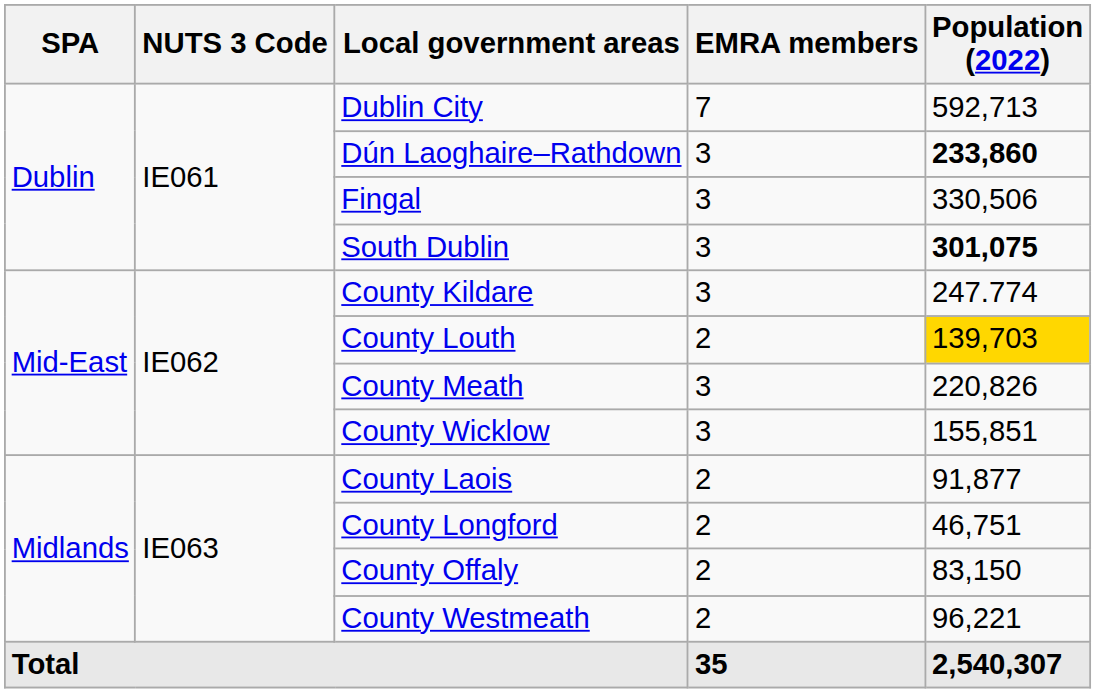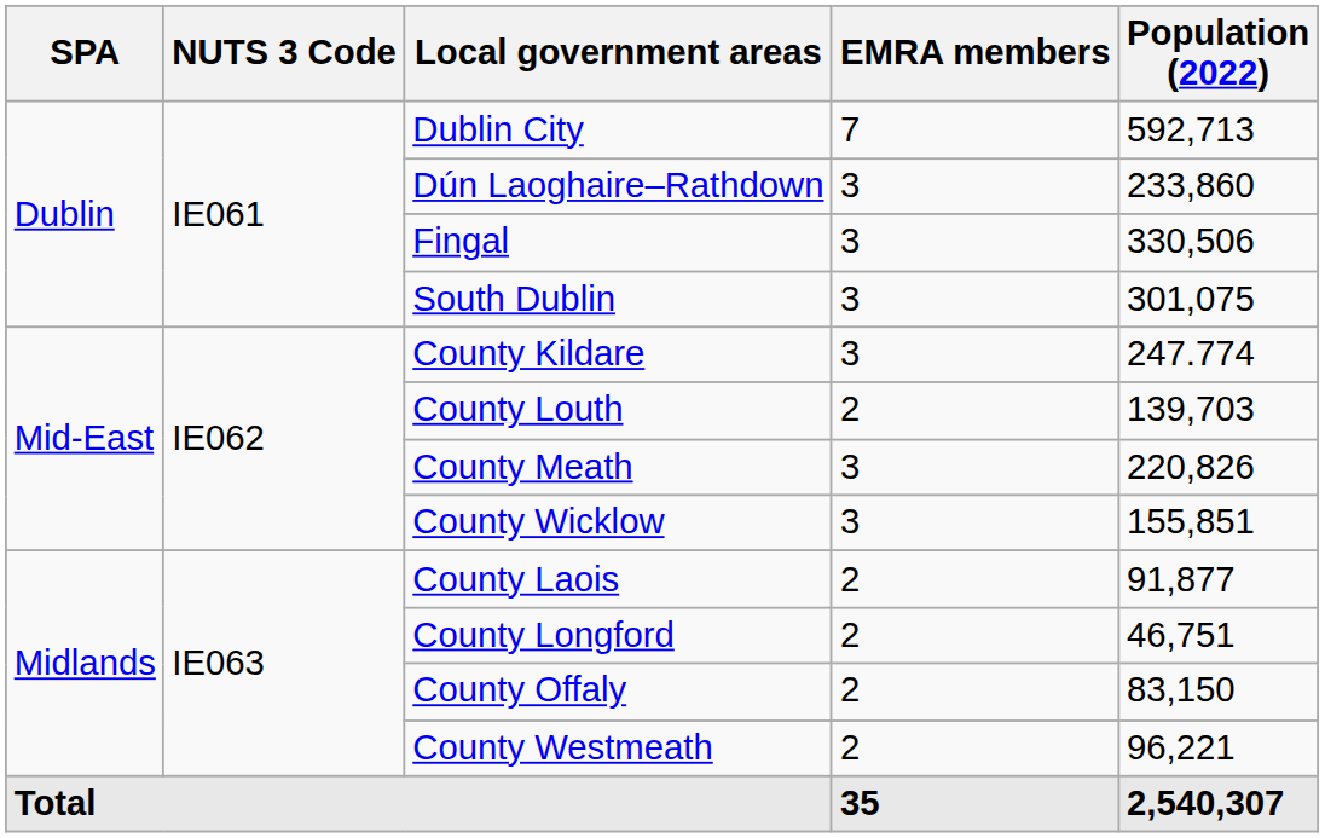 <table class="wikitable">
 <tr>
 <th>SPA</th>
 <th>NUTS 3 Code</th>
 <th>Local government areas</th>
 <th>EMRA members</th>
 <th>Population<br>(<a href='#'>2022</a>)</th>
 </tr>
 <tr>
 <td rowspan=4><a href='#'>Dublin</a></td>
 <td rowspan=4>IE061</td>
 <td><a href='#'>Dublin City</a></td>
 <td>7</td>
 <td>592,713</td>
 </tr>
 <tr>
 <td><a href='#'>Dún Laoghaire–Rathdown</a></td>
 <td>3</td>
-<td><strong>233,860</strong></td>
+<td>233,860</td>
 </tr>
 <tr>
 <td><a href='#'>Fingal</a></td>
 <td>3</td>
 <td>330,506</td>
 </tr>
 <tr>
 <td><a href='#'>South Dublin</a></td>
 <td>3</td>
-<td><strong>301,075</strong></td>
+<td>301,075</td>
 </tr>
 <tr>
 <td rowspan=4><a href='#'>Mid-East</a></td>
 <td rowspan=4>IE062</td>
 <td><a href='#'>County Kildare</a></td>
 <td>3</td>
 <td>247.774</td>
 </tr>
 <tr>
 <td><a href='#'>County Louth</a></td>
 <td>2</td>
-<td style="background: gold;">139,703</td>
+<td>139,703</td>
 </tr>
 <tr>
 <td><a href='#'>County Meath</a></td>
 <td>3</td>
 <td>220,826</td>
 </tr>
 <tr>
 <td><a href='#'>County Wicklow</a></td>
 <td>3</td>
 <td>155,851</td>
 </tr>
 <tr>
 <td rowspan=4><a href='#'>Midlands</a></td>
 <td rowspan=4>IE063</td>
 <td><a href='#'>County Laois</a></td>
 <td>2</td>
 <td>91,877</td>
 </tr>
 <tr>
 <td><a href='#'>County Longford</a></td>
 <td>2</td>
 <td>46,751</td>
 </tr>
 <tr>
 <td><a href='#'>County Offaly</a></td>
 <td>2</td>
 <td>83,150</td>
 </tr>
 <tr>
 <td><a href='#'>County Westmeath</a></td>
 <td>2</td>
 <td>96,221</td>
 </tr>
 <tr style="font-weight:bold; background:rgb(232,232,232);">
 <td colspan=3>Total</td>
 <td>35</td>
 <td>2,540,307</td>
 </tr>
 </table>
